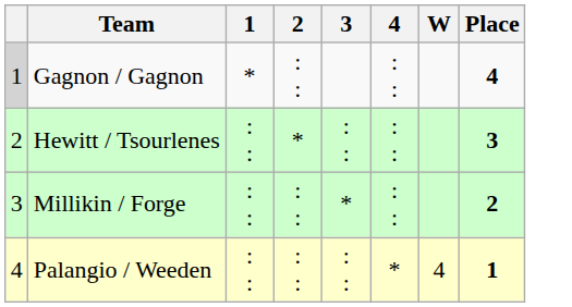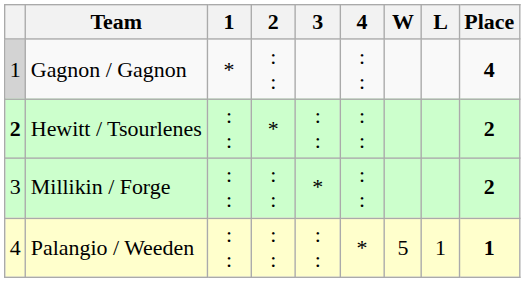 <table class="wikitable" style="text-align:center;">
 <tr>
 <th></th>
 <th>Team</th>
 <th width="25">1</th>
 <th width="25">2</th>
 <th width="25">3</th>
 <th width="25">4</th>
 <th width="20">W</th>
+<th width="20">L</th>
 <th>Place</th>
 </tr>
 <tr>
 <td style="background: lightgrey;">1</td>
 <td align=left>Gagnon / Gagnon</td>
 <td>*</td>
 <td>: <br>  :</td>
 <td><br></td>
 <td>: <br>  :</td>
 <td></td>
+<td></td>
 <td><strong>4</strong></td>
 </tr>
 <tr bgcolor=#ccffcc>
-<td>2</td>
+<td><strong>2</strong></td>
 <td align=left>Hewitt / Tsourlenes</td>
 <td>: <br>  :</td>
 <td>*</td>
 <td>: <br>  :</td>
 <td>: <br>  :</td>
 <td></td>
-<td><strong>3</strong></td>
+<td></td>
+<td><strong>2</strong></td>
 </tr>
 <tr bgcolor=#ccffcc>
 <td>3</td>
 <td align=left>Millikin / Forge</td>
 <td>: <br>  :</td>
 <td>: <br>  :</td>
 <td>*</td>
 <td>: <br>  :</td>
+<td></td>
 <td></td>
 <td><strong>2</strong></td>
 </tr>
 <tr bgcolor=#ffffcc>
 <td>4</td>
 <td align=left>Palangio / Weeden</td>
 <td>: <br>  :</td>
 <td>: <br>  :</td>
 <td>: <br>  :</td>
 <td>*</td>
-<td>4</td>
+<td>5</td>
+<td>1</td>
 <td><strong>1</strong></td>
 </tr>
 </table>
